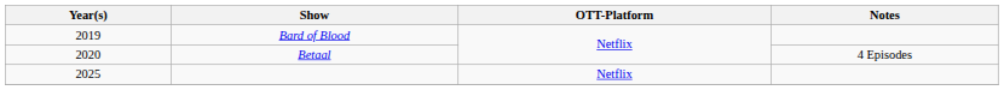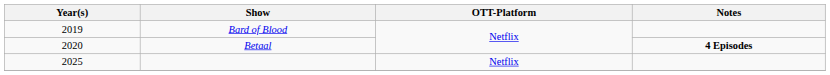 <table class="wikitable" style="width: 100%; text-align: center;">
 <tr>
 <th>Year(s)</th>
 <th>Show</th>
 <th>OTT-Platform</th>
 <th>Notes</th>
 </tr>
 <tr>
 <td>2019</td>
 <td><em><a href='#'>Bard of Blood</a></em></td>
 <td rowspan="2"><a href='#'>Netflix</a></td>
 <td></td>
 </tr>
 <tr>
 <td>2020</td>
 <td><em><a href='#'>Betaal</a></em></td>
-<td>4 Episodes</td>
+<td><strong>4 Episodes</strong></td>
 </tr>
 <tr>
 <td>2025</td>
 <td></td>
 <td><a href='#'>Netflix</a></td>
 <td></td>
 </tr>
 <tr>
 </tr>
 </table>
